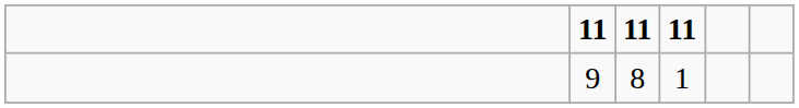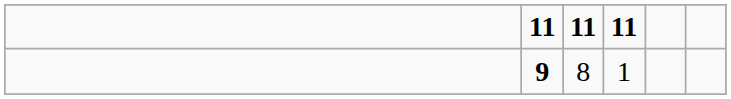 <table class="wikitable">
 <tr>
 <td style="width:18em"></td>
 <td align=center style="width:1em"><strong>11</strong></td>
 <td align=center style="width:1em"><strong>11</strong></td>
 <td align=center style="width:1em"><strong>11</strong></td>
 <td align=center style="width:1em"></td>
 <td align=center style="width:1em"></td>
 </tr>
 <tr>
 <td style="width:18em"></td>
-<td align=center style="width:1em">9</td>
+<td align=center style="width:1em"><strong>9</strong></td>
 <td align=center style="width:1em">8</td>
 <td align=center style="width:1em">1</td>
 <td align=center style="width:1em"></td>
 <td align=center style="width:1em"></td>
 </tr>
 </table>
